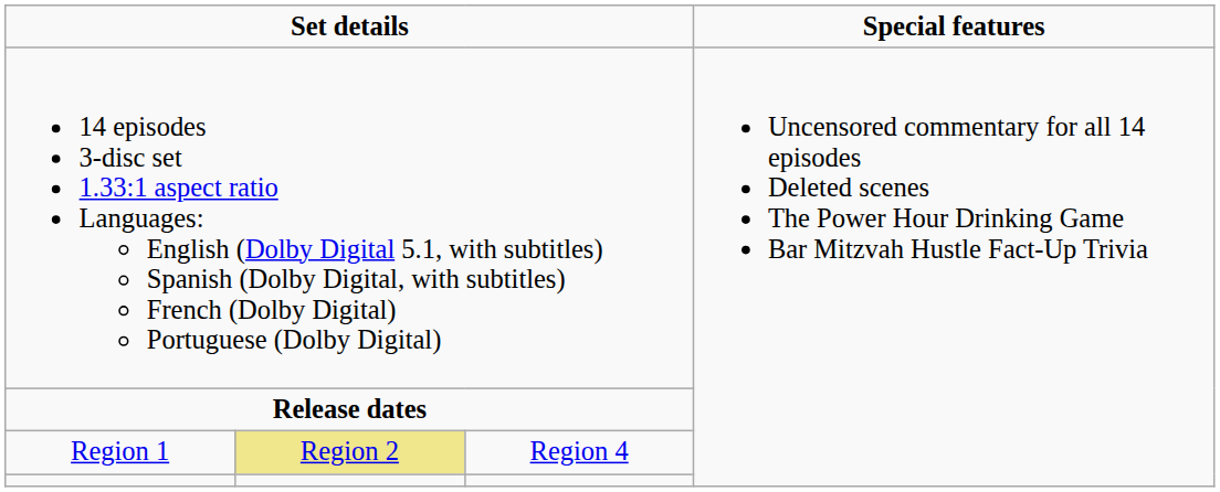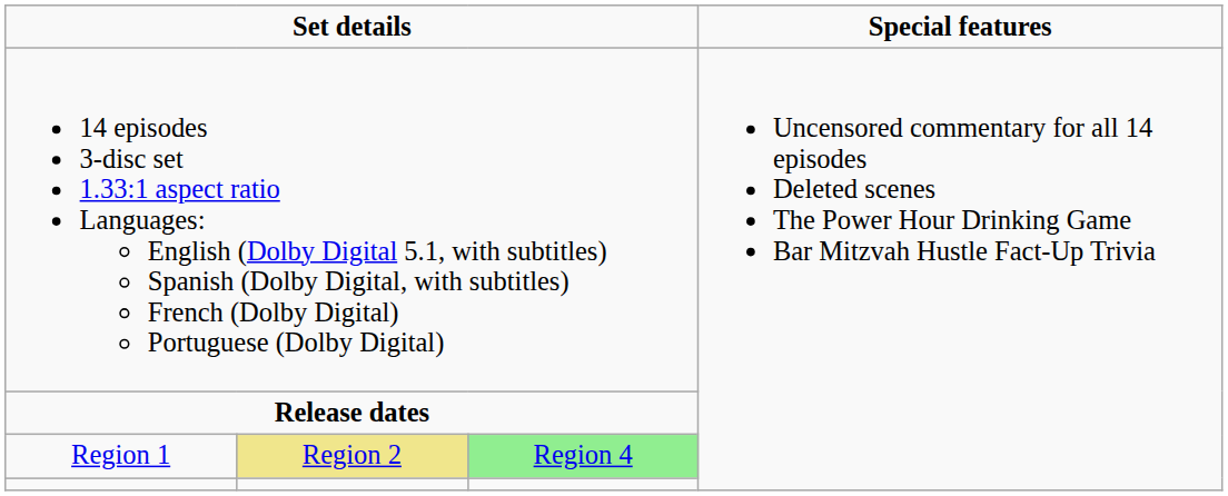 <table class="wikitable">
 <tr valign="top">
 <td align="center" width="300" colspan="3"><strong>Set details</strong></td>
 <td width="300" align="center"><strong>Special features</strong></td>
 </tr>
 <tr valign="top">
 <td colspan="3" align="left" width="400"><br><ul><li>14 episodes</li><li>3-disc set</li><li><a href='#'>1.33:1 aspect ratio</a></li><li>Languages:<ul><li>English (<a href='#'>Dolby Digital</a> 5.1, with subtitles)</li><li>Spanish (Dolby Digital, with subtitles)</li><li>French (Dolby Digital)</li><li>Portuguese (Dolby Digital)</li></ul></li></ul></td>
 <td rowspan="4" align="left" width="300"><br><ul><li>Uncensored commentary for all 14 episodes</li><li>Deleted scenes</li><li>The Power Hour Drinking Game</li><li>Bar Mitzvah Hustle Fact-Up Trivia</li></ul></td>
 </tr>
 <tr>
 <td colspan="3" align="center"><strong>Release dates</strong></td>
 </tr>
 <tr>
 <td align="center"><a href='#'>Region 1</a></td>
 <td align="center" style="background: khaki;"><a href='#'>Region 2</a></td>
-<td align="center"><a href='#'>Region 4</a></td>
+<td align="center" style="background: lightgreen;"><a href='#'>Region 4</a></td>
 </tr>
 <tr>
 <td align="center"></td>
 <td align="center"></td>
 <td align="center"></td>
 </tr>
 </table>
